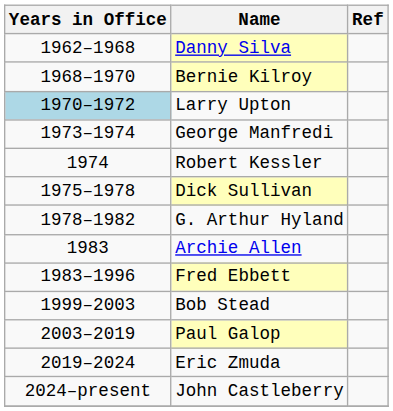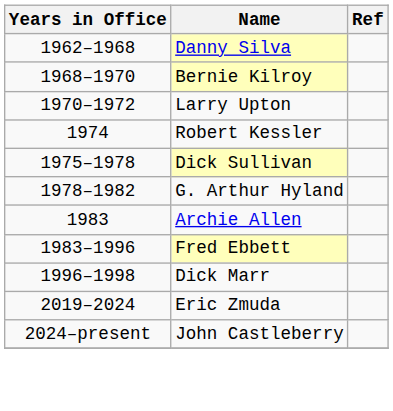 <table class="wikitable" style="display: inline-table; text-align:center">
 <tr>
 <th>Years in Office</th>
 <th>Name</th>
 <th>Ref</th>
 </tr>
 <tr>
 <td>1962–1968</td>
 <td style="text-align:left; background:#ffb"><a href='#'>Danny Silva</a></td>
 <td></td>
 </tr>
 <tr>
 <td>1968–1970</td>
 <td style="text-align:left; background:#ffb">Bernie Kilroy</td>
 <td></td>
 </tr>
 <tr>
-<td style="background: lightblue;">1970–1972</td>
+<td>1970–1972</td>
 <td style="text-align:left">Larry Upton</td>
-<td></td>
-</tr>
-<tr>
-<td>1973–1974</td>
-<td style="text-align:left">George Manfredi</td>
 <td></td>
 </tr>
 <tr>
 <td>1974</td>
 <td style="text-align:left">Robert Kessler</td>
 <td></td>
 </tr>
 <tr>
 <td>1975–1978</td>
 <td style="text-align:left; background:#ffb">Dick Sullivan</td>
 <td></td>
 </tr>
 <tr>
 <td>1978–1982</td>
 <td style="text-align:left">G. Arthur Hyland</td>
 <td></td>
 </tr>
 <tr>
 <td>1983</td>
 <td style="text-align:left"><a href='#'>Archie Allen</a></td>
 <td></td>
 </tr>
 <tr>
 <td>1983–1996</td>
 <td style="text-align:left; background:#ffb">Fred Ebbett</td>
 <td></td>
 </tr>
 <tr>
-<td>1999–2003</td>
-<td style="text-align:left">Bob Stead</td>
-<td></td>
-</tr>
-<tr>
-<td>2003–2019</td>
-<td style="text-align:left; background:#ffb">Paul Galop</td>
+<td>1996–1998</td>
+<td style="text-align:left">Dick Marr</td>
 <td></td>
 </tr>
 <tr>
 <td>2019–2024</td>
 <td style="text-align:left">Eric Zmuda</td>
 <td></td>
 </tr>
 <tr>
 <td>2024–present</td>
 <td style="text-align:left">John Castleberry</td>
 <td></td>
 </tr>
 <tr>
 </tr>
 </table>
